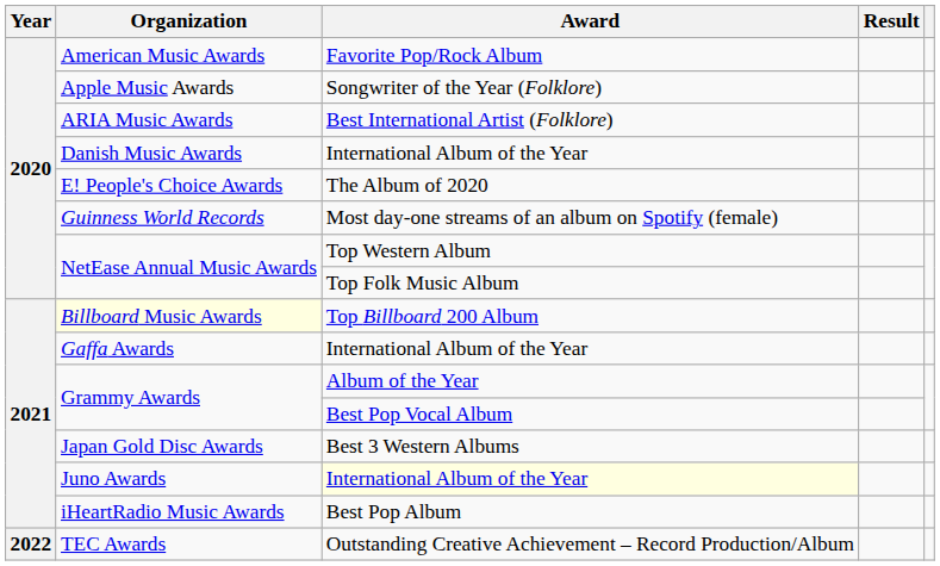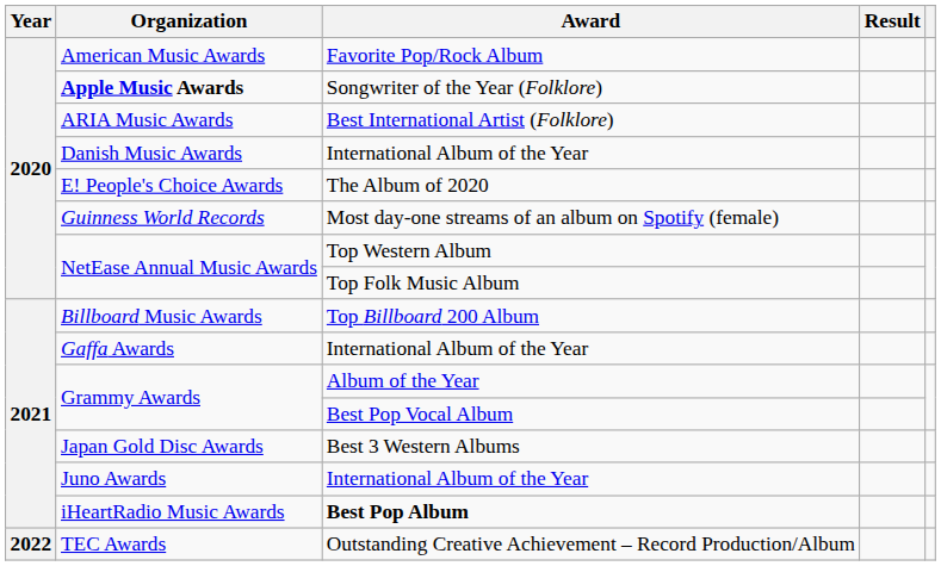 <table class="wikitable sortable plainrowheaders" style="border:none; margin:0;">
 <tr>
 <th scope="col">Year</th>
 <th scope="col">Organization</th>
 <th scope="col">Award</th>
 <th scope="col">Result</th>
 <th scope="col" class="unsortable"></th>
 </tr>
 <tr>
 <th scope="row" rowspan="8">2020</th>
 <td><a href='#'>American Music Awards</a></td>
 <td><a href='#'>Favorite Pop/Rock Album</a></td>
 <td></td>
 <td></td>
 </tr>
 <tr>
-<td><a href='#'>Apple Music</a> Awards</td>
+<td><strong><a href='#'>Apple Music</a> Awards</strong></td>
 <td>Songwriter of the Year (<em>Folklore</em>)</td>
 <td></td>
 <td></td>
 </tr>
 <tr>
 <td><a href='#'>ARIA Music Awards</a></td>
 <td><a href='#'>Best International Artist</a> (<em>Folklore</em>)</td>
 <td></td>
 <td></td>
 </tr>
 <tr>
 <td><a href='#'>Danish Music Awards</a></td>
 <td>International Album of the Year</td>
 <td></td>
 <td></td>
 </tr>
 <tr>
 <td><a href='#'>E! People's Choice Awards</a></td>
 <td>The Album of 2020</td>
 <td></td>
 <td></td>
 </tr>
 <tr>
 <td><em><a href='#'>Guinness World Records</a></em></td>
 <td>Most day-one streams of an album on <a href='#'>Spotify</a> (female)</td>
 <td></td>
 <td></td>
 </tr>
 <tr>
 <td rowspan="2"><a href='#'>NetEase Annual Music Awards</a></td>
 <td>Top Western Album</td>
 <td></td>
 <td rowspan="2"></td>
 </tr>
 <tr>
 <td>Top Folk Music Album</td>
 <td></td>
 </tr>
 <tr>
 <th scope="row" rowspan="7">2021</th>
-<td style="background: lightyellow;"><a href='#'><em>Billboard</em> Music Awards</a></td>
+<td><a href='#'><em>Billboard</em> Music Awards</a></td>
 <td><a href='#'>Top <em>Billboard</em> 200 Album</a></td>
 <td></td>
 <td></td>
 </tr>
 <tr>
 <td><a href='#'><em>Gaffa</em> Awards</a></td>
 <td>International Album of the Year</td>
 <td></td>
 <td></td>
 </tr>
 <tr>
 <td rowspan="2"><a href='#'>Grammy Awards</a></td>
 <td><a href='#'>Album of the Year</a></td>
 <td></td>
 <td rowspan="2"></td>
 </tr>
 <tr>
 <td><a href='#'>Best Pop Vocal Album</a></td>
 <td></td>
 </tr>
 <tr>
 <td><a href='#'>Japan Gold Disc Awards</a></td>
 <td>Best 3 Western Albums</td>
 <td></td>
 <td></td>
 </tr>
 <tr>
 <td><a href='#'>Juno Awards</a></td>
-<td style="background: lightyellow;"><a href='#'>International Album of the Year</a></td>
+<td><a href='#'>International Album of the Year</a></td>
 <td></td>
 <td></td>
 </tr>
 <tr>
 <td><a href='#'>iHeartRadio Music Awards</a></td>
-<td>Best Pop Album</td>
+<td><strong>Best Pop Album</strong></td>
 <td></td>
 <td></td>
 </tr>
 <tr>
 <th scope="row">2022</th>
 <td><a href='#'>TEC Awards</a></td>
 <td>Outstanding Creative Achievement – Record Production/Album</td>
 <td></td>
 <td></td>
 </tr>
 </table>
